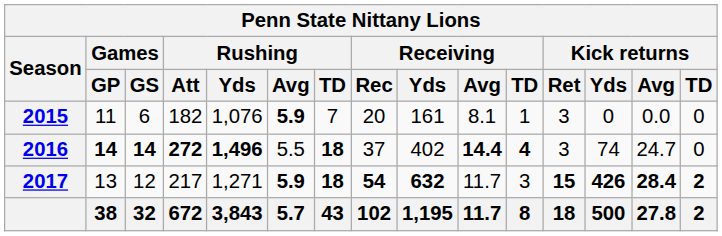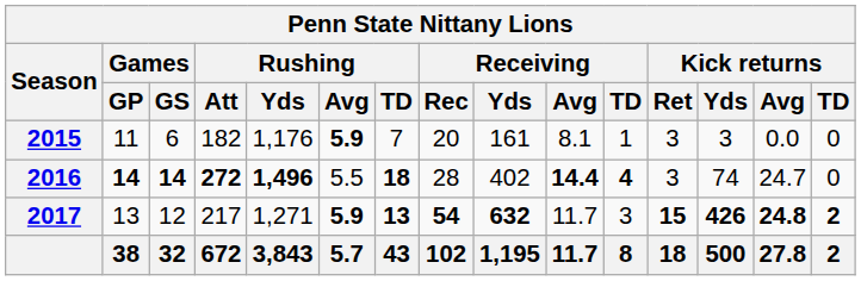 <table class="wikitable" style="text-align:center;">
 <tr>
 <th colspan="15">Penn State Nittany Lions</th>
 </tr>
 <tr>
 <th rowspan="2">Season</th>
 <th colspan="2">Games</th>
 <th colspan="4">Rushing</th>
 <th colspan="4">Receiving</th>
 <th colspan="4">Kick returns</th>
 </tr>
 <tr>
 <th>GP</th>
 <th>GS</th>
 <th>Att</th>
 <th>Yds</th>
 <th>Avg</th>
 <th>TD</th>
 <th>Rec</th>
 <th>Yds</th>
 <th>Avg</th>
 <th>TD</th>
 <th>Ret</th>
 <th>Yds</th>
 <th>Avg</th>
 <th>TD</th>
 </tr>
 <tr>
 <th><a href='#'>2015</a></th>
 <td>11</td>
 <td>6</td>
 <td>182</td>
-<td>1,076</td>
+<td>1,176</td>
 <td><strong>5.9</strong></td>
 <td>7</td>
 <td>20</td>
 <td>161</td>
 <td>8.1</td>
 <td>1</td>
 <td>3</td>
-<td>0</td>
+<td>3</td>
 <td>0.0</td>
 <td>0</td>
 </tr>
 <tr>
 <th><a href='#'>2016</a></th>
 <td><strong>14</strong></td>
 <td><strong>14</strong></td>
 <td><strong>272</strong></td>
 <td><strong>1,496</strong></td>
 <td>5.5</td>
 <td><strong>18</strong></td>
-<td>37</td>
+<td>28</td>
 <td>402</td>
 <td><strong>14.4</strong></td>
 <td><strong>4</strong></td>
 <td>3</td>
 <td>74</td>
 <td>24.7</td>
 <td>0</td>
 </tr>
 <tr>
 <th><a href='#'>2017</a></th>
 <td>13</td>
 <td>12</td>
 <td>217</td>
 <td>1,271</td>
 <td><strong>5.9</strong></td>
-<td><strong>18</strong></td>
+<td><strong>13</strong></td>
 <td><strong>54</strong></td>
 <td><strong>632</strong></td>
 <td>11.7</td>
 <td>3</td>
 <td><strong>15</strong></td>
 <td><strong>426</strong></td>
-<td><strong>28.4</strong></td>
+<td><strong>24.8</strong></td>
 <td><strong>2</strong></td>
 </tr>
 <tr>
 <th></th>
 <th>38</th>
 <th>32</th>
 <th>672</th>
 <th>3,843</th>
 <th>5.7</th>
 <th>43</th>
 <th>102</th>
 <th>1,195</th>
 <th>11.7</th>
 <th>8</th>
 <th>18</th>
 <th>500</th>
 <th>27.8</th>
 <th>2</th>
 </tr>
 </table>
